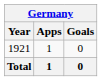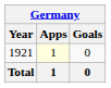 <table class="wikitable" style="text-align:center">
 <tr>
 <th colspan=3><a href='#'>Germany</a></th>
 </tr>
 <tr>
 <th>Year</th>
 <th>Apps</th>
 <th>Goals</th>
 </tr>
 <tr>
 <td>1921</td>
-<td>1</td>
+<td style="background: lightyellow;">1</td>
 <td>0</td>
 </tr>
 <tr>
 <th>Total</th>
 <th>1</th>
 <th>0</th>
 </tr>
 </table>
